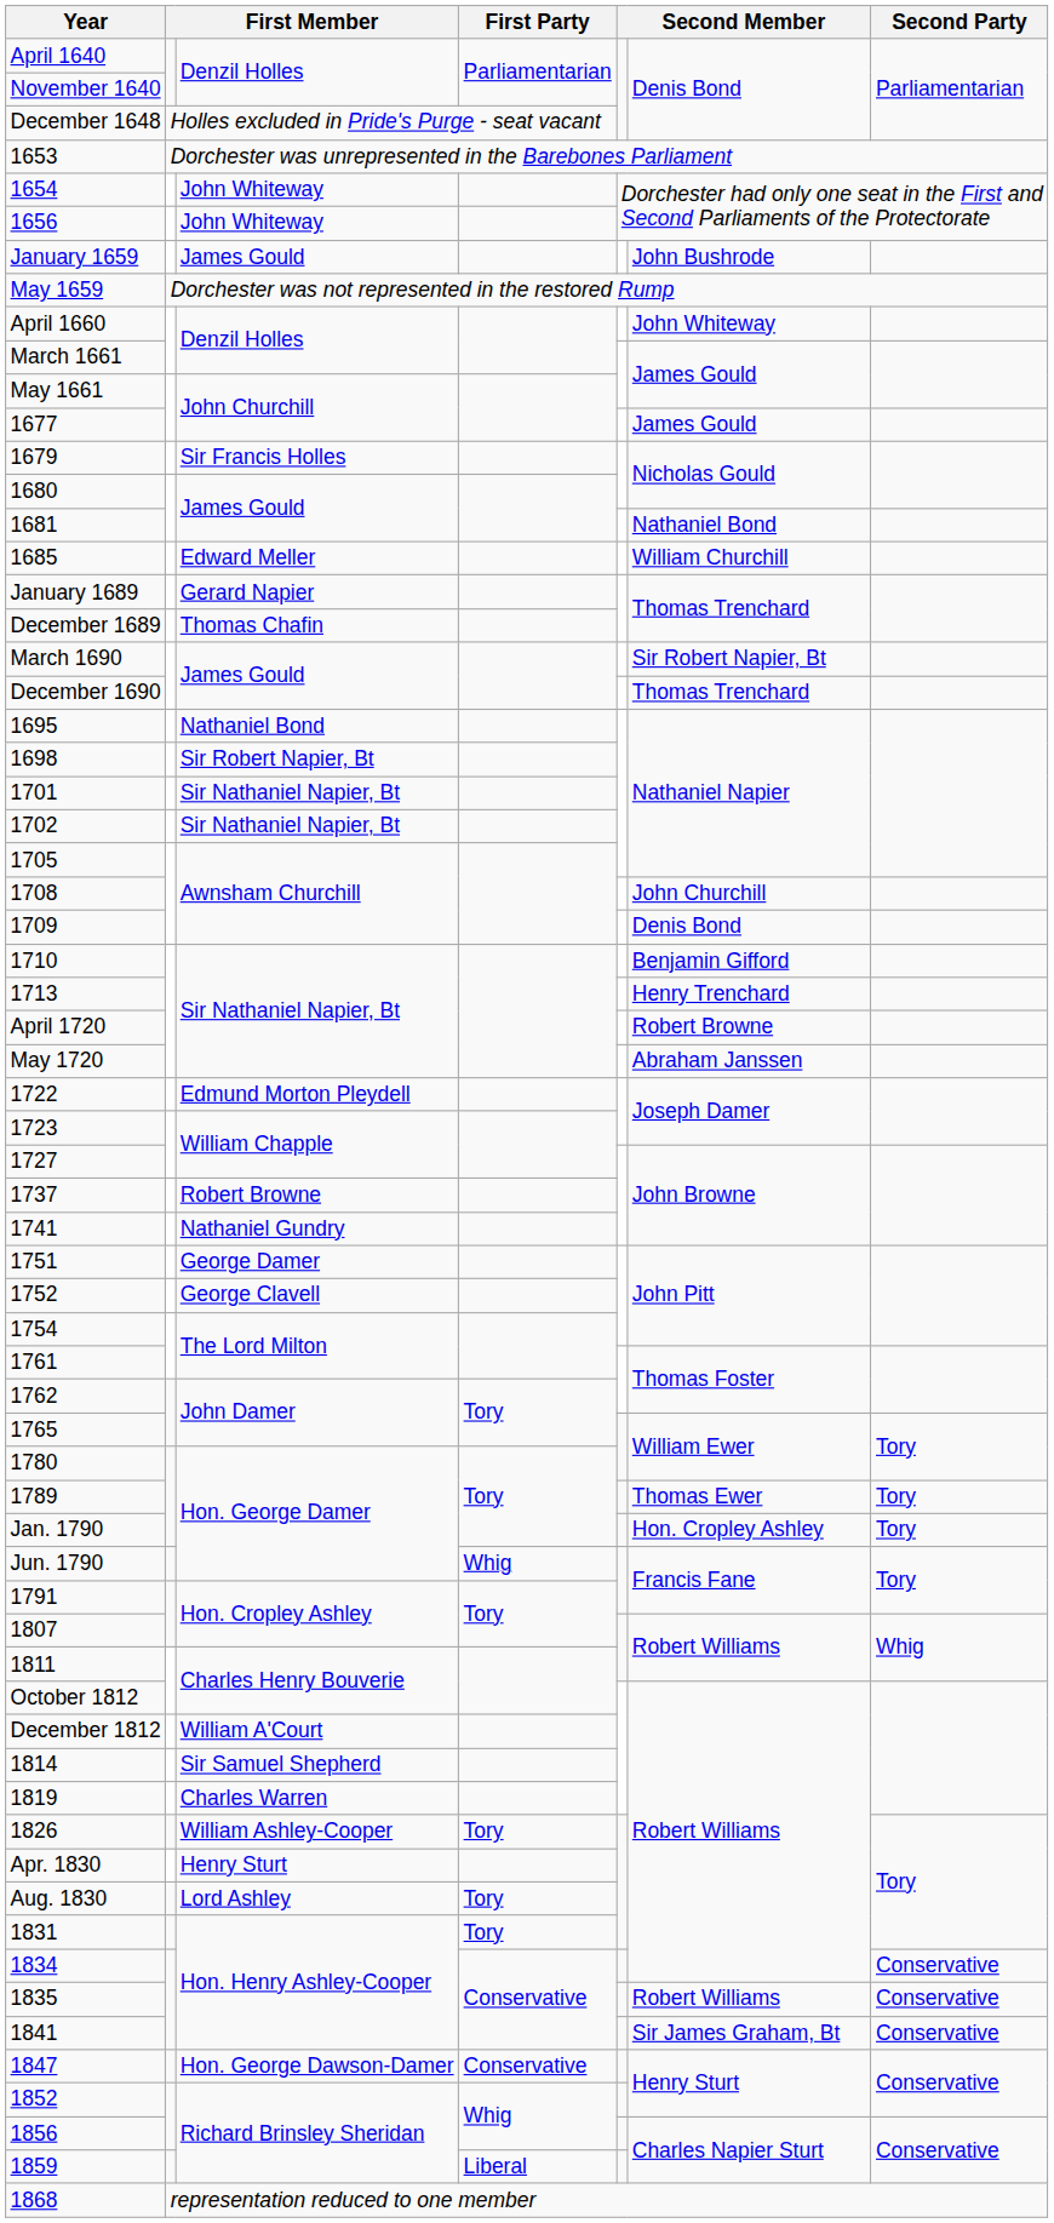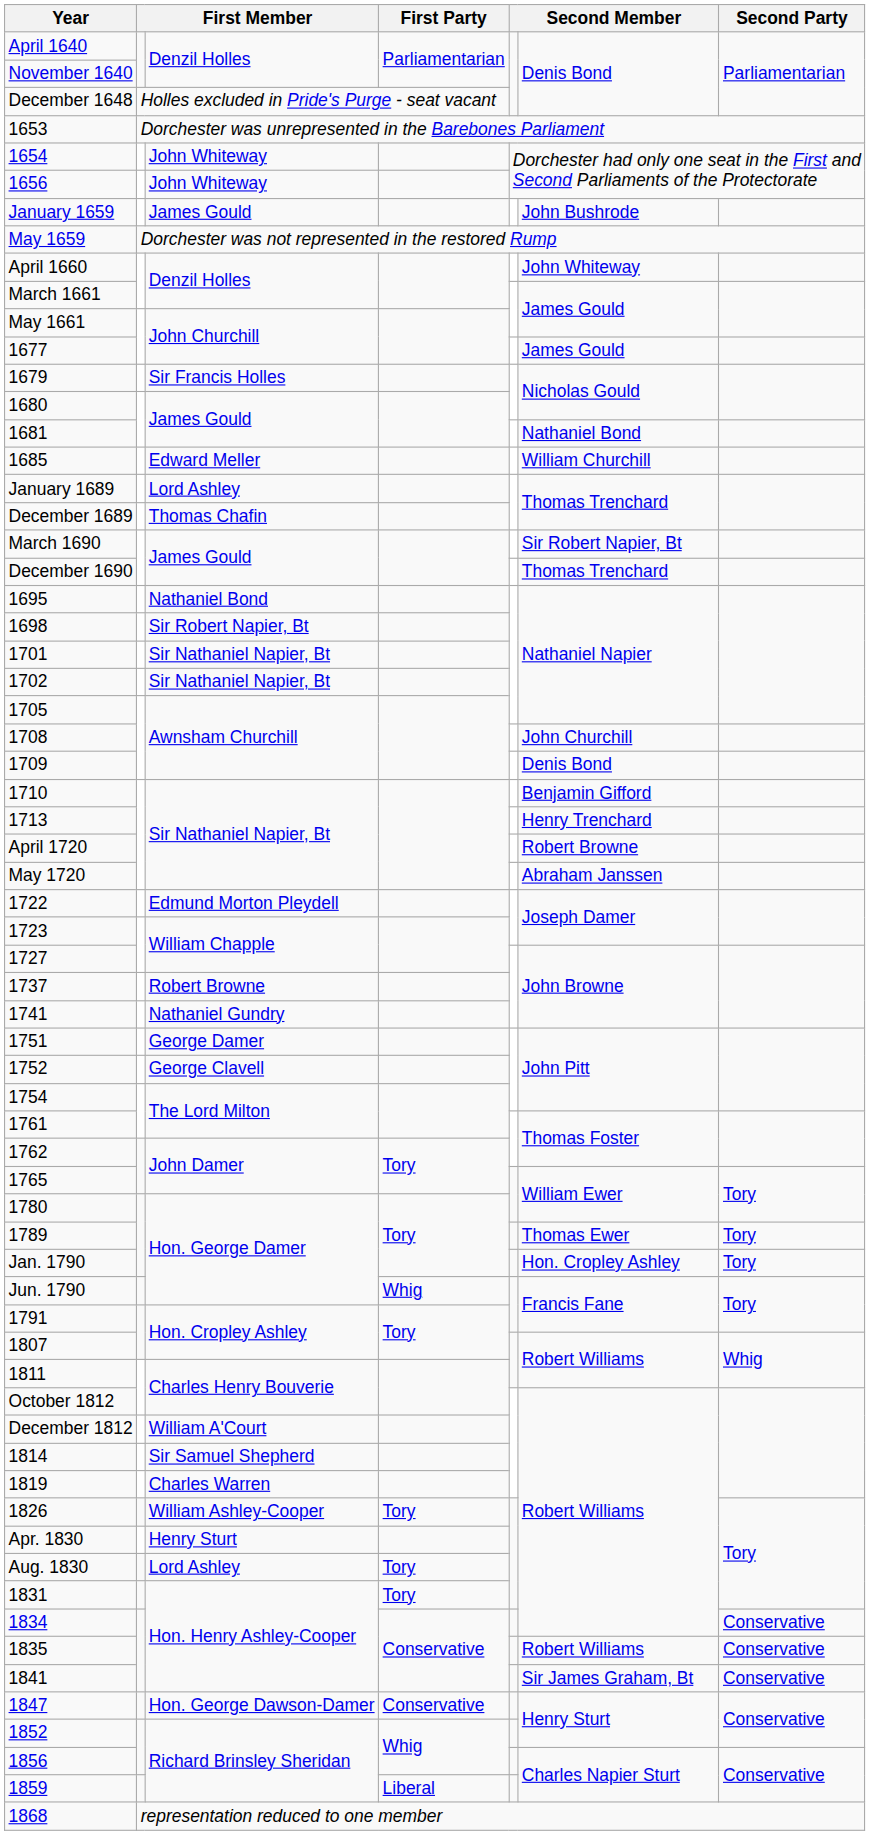 <table class="wikitable">
 <tr>
 <th>Year</th>
 <th colspan="2">First Member</th>
 <th>First Party</th>
 <th colspan="2">Second Member</th>
 <th>Second Party</th>
 </tr>
 <tr>
 <td><a href='#'>April 1640</a></td>
 <td rowspan="2" style="color:inherit;background-color: "></td>
 <td rowspan="2"><a href='#'>Denzil Holles</a></td>
 <td rowspan="2"><a href='#'>Parliamentarian</a></td>
 <td rowspan="3" style="color:inherit;background-color: "></td>
 <td rowspan="3"><a href='#'>Denis Bond</a></td>
 <td rowspan="3"><a href='#'>Parliamentarian</a></td>
 </tr>
 <tr>
 <td><a href='#'>November 1640</a></td>
 </tr>
 <tr>
 <td>December 1648</td>
 <td colspan="3"><em>Holles excluded in <a href='#'>Pride's Purge</a> - seat vacant</em></td>
 </tr>
 <tr>
 <td>1653</td>
 <td colspan="6"><em>Dorchester was unrepresented in the <a href='#'>Barebones Parliament</a></em></td>
 </tr>
 <tr>
 <td><a href='#'>1654</a></td>
 <td style="color:inherit;background-color: white"></td>
 <td><a href='#'>John Whiteway</a></td>
 <td></td>
 <td rowspan="2" colspan="3"><em>Dorchester had only one seat in the <a href='#'>First</a>  and <br><a href='#'>Second</a> Parliaments of the Protectorate</em></td>
 </tr>
 <tr>
 <td><a href='#'>1656</a></td>
 <td style="color:inherit;background-color: white"></td>
 <td><a href='#'>John Whiteway</a></td>
 <td></td>
 </tr>
 <tr>
 <td><a href='#'>January 1659</a></td>
 <td style="color:inherit;background-color: white"></td>
 <td><a href='#'>James Gould</a></td>
 <td></td>
 <td style="color:inherit;background-color: white"></td>
 <td><a href='#'>John Bushrode</a></td>
 <td></td>
 </tr>
 <tr>
 <td><a href='#'>May 1659</a></td>
 <td colspan="6"><em>Dorchester was not represented in the restored <a href='#'>Rump</a></em></td>
 </tr>
 <tr>
 <td>April 1660</td>
 <td rowspan="2" style="color:inherit;background-color: white"></td>
 <td rowspan="2"><a href='#'>Denzil Holles</a></td>
 <td rowspan="2"></td>
 <td style="color:inherit;background-color: white"></td>
 <td><a href='#'>John Whiteway</a></td>
 <td></td>
 </tr>
 <tr>
 <td>March 1661</td>
 <td rowspan="2" style="color:inherit;background-color: white"></td>
 <td rowspan="2"><a href='#'>James Gould</a></td>
 <td rowspan="2"></td>
 </tr>
 <tr>
 <td>May 1661</td>
 <td rowspan="2" style="color:inherit;background-color: white"></td>
 <td rowspan="2"><a href='#'>John Churchill</a></td>
 <td rowspan="2"></td>
 </tr>
 <tr>
 <td>1677</td>
 <td style="color:inherit;background-color: white"></td>
 <td><a href='#'>James Gould</a></td>
 <td></td>
 </tr>
 <tr>
 <td>1679</td>
 <td style="color:inherit;background-color: white"></td>
 <td><a href='#'>Sir Francis Holles</a></td>
 <td></td>
 <td rowspan="2" style="color:inherit;background-color: white"></td>
 <td rowspan="2"><a href='#'>Nicholas Gould</a></td>
 <td rowspan="2"></td>
 </tr>
 <tr>
 <td>1680</td>
 <td rowspan="2" style="color:inherit;background-color: white"></td>
 <td rowspan="2"><a href='#'>James Gould</a></td>
 <td rowspan="2"></td>
 </tr>
 <tr>
 <td>1681</td>
 <td style="color:inherit;background-color: white"></td>
 <td><a href='#'>Nathaniel Bond</a></td>
 <td></td>
 </tr>
 <tr>
 <td>1685</td>
 <td style="color:inherit;background-color: white"></td>
 <td><a href='#'>Edward Meller</a></td>
 <td></td>
 <td style="color:inherit;background-color: white"></td>
 <td><a href='#'>William Churchill</a></td>
 <td></td>
 </tr>
 <tr>
 <td>January 1689</td>
 <td style="color:inherit;background-color: white"></td>
-<td><a href='#'>Gerard Napier</a></td>
+<td><a href='#'>Lord Ashley</a></td>
 <td></td>
 <td rowspan="2" style="color:inherit;background-color: white"></td>
 <td rowspan="2"><a href='#'>Thomas Trenchard</a></td>
 <td rowspan="2"></td>
 </tr>
 <tr>
 <td>December 1689</td>
 <td style="color:inherit;background-color: white"></td>
 <td><a href='#'>Thomas Chafin</a></td>
 <td></td>
 </tr>
 <tr>
 <td>March 1690</td>
 <td rowspan="2" style="color:inherit;background-color: white"></td>
 <td rowspan="2"><a href='#'>James Gould</a></td>
 <td rowspan="2"></td>
 <td style="color:inherit;background-color: white"></td>
 <td><a href='#'>Sir Robert Napier, Bt</a></td>
 <td></td>
 </tr>
 <tr>
 <td>December 1690</td>
 <td style="color:inherit;background-color: white"></td>
 <td><a href='#'>Thomas Trenchard</a></td>
 <td></td>
 </tr>
 <tr>
 <td>1695</td>
 <td style="color:inherit;background-color: white"></td>
 <td><a href='#'>Nathaniel Bond</a></td>
 <td></td>
 <td rowspan="5" style="color:inherit;background-color: white"></td>
 <td rowspan="5"><a href='#'>Nathaniel Napier</a></td>
 <td rowspan="5"></td>
 </tr>
 <tr>
 <td>1698</td>
 <td style="color:inherit;background-color: white"></td>
 <td><a href='#'>Sir Robert Napier, Bt</a></td>
 <td></td>
 </tr>
 <tr>
 <td>1701</td>
 <td style="color:inherit;background-color: white"></td>
 <td><a href='#'>Sir Nathaniel Napier, Bt</a></td>
 <td></td>
 </tr>
 <tr>
 <td>1702</td>
 <td style="color:inherit;background-color: white"></td>
 <td><a href='#'>Sir Nathaniel Napier, Bt</a></td>
 <td></td>
 </tr>
 <tr>
 <td>1705</td>
 <td rowspan="3" style="color:inherit;background-color: white"></td>
 <td rowspan="3"><a href='#'>Awnsham Churchill</a></td>
 <td rowspan="3"></td>
 </tr>
 <tr>
 <td>1708</td>
 <td style="color:inherit;background-color: white"></td>
 <td><a href='#'>John Churchill</a></td>
 <td></td>
 </tr>
 <tr>
 <td>1709</td>
 <td style="color:inherit;background-color: white"></td>
 <td><a href='#'>Denis Bond</a></td>
 <td></td>
 </tr>
 <tr>
 <td>1710</td>
 <td rowspan="4" style="color:inherit;background-color: white"></td>
 <td rowspan="4"><a href='#'>Sir Nathaniel Napier, Bt</a></td>
 <td rowspan="4"></td>
 <td style="color:inherit;background-color: white"></td>
 <td><a href='#'>Benjamin Gifford</a></td>
 <td></td>
 </tr>
 <tr>
 <td>1713</td>
 <td style="color:inherit;background-color: white"></td>
 <td><a href='#'>Henry Trenchard</a></td>
 <td></td>
 </tr>
 <tr>
 <td>April 1720</td>
 <td style="color:inherit;background-color: white"></td>
 <td><a href='#'>Robert Browne</a></td>
 <td></td>
 </tr>
 <tr>
 <td>May 1720</td>
 <td style="color:inherit;background-color: white"></td>
 <td><a href='#'>Abraham Janssen</a></td>
 <td></td>
 </tr>
 <tr>
 <td>1722</td>
 <td style="color:inherit;background-color: white"></td>
 <td><a href='#'>Edmund Morton Pleydell</a></td>
 <td></td>
 <td rowspan="2" style="color:inherit;background-color: white"></td>
 <td rowspan="2"><a href='#'>Joseph Damer</a></td>
 <td rowspan="2"></td>
 </tr>
 <tr>
 <td>1723</td>
 <td rowspan="2" style="color:inherit;background-color: white"></td>
 <td rowspan="2"><a href='#'>William Chapple</a></td>
 <td rowspan="2"></td>
 </tr>
 <tr>
 <td>1727</td>
 <td rowspan="3" style="color:inherit;background-color: white"></td>
 <td rowspan="3"><a href='#'>John Browne</a></td>
 <td rowspan="3"></td>
 </tr>
 <tr>
 <td>1737</td>
 <td style="color:inherit;background-color: white"></td>
 <td><a href='#'>Robert Browne</a></td>
 <td></td>
 </tr>
 <tr>
 <td>1741</td>
 <td style="color:inherit;background-color: white"></td>
 <td><a href='#'>Nathaniel Gundry</a></td>
 <td></td>
 </tr>
 <tr>
 <td>1751</td>
 <td style="color:inherit;background-color: white"></td>
 <td><a href='#'>George Damer</a></td>
 <td></td>
 <td rowspan="3" style="color:inherit;background-color: white"></td>
 <td rowspan="3"><a href='#'>John Pitt</a></td>
 <td rowspan="3"></td>
 </tr>
 <tr>
 <td>1752</td>
 <td style="color:inherit;background-color: white"></td>
 <td><a href='#'>George Clavell</a></td>
 <td></td>
 </tr>
 <tr>
 <td>1754</td>
 <td rowspan="2" style="color:inherit;background-color: white"></td>
 <td rowspan="2"><a href='#'>The Lord Milton</a></td>
 <td rowspan="2"></td>
 </tr>
 <tr>
 <td>1761</td>
 <td rowspan="2" style="color:inherit;background-color: white"></td>
 <td rowspan="2"><a href='#'>Thomas Foster</a></td>
 <td rowspan="2"></td>
 </tr>
 <tr>
 <td>1762</td>
 <td rowspan="2" style="color:inherit;background-color: "></td>
 <td rowspan="2"><a href='#'>John Damer</a></td>
 <td rowspan="2"><a href='#'>Tory</a></td>
 </tr>
 <tr>
 <td>1765</td>
 <td rowspan="2" style="color:inherit;background-color: "></td>
 <td rowspan="2"><a href='#'>William Ewer</a></td>
 <td rowspan="2"><a href='#'>Tory</a></td>
 </tr>
 <tr>
 <td>1780</td>
 <td rowspan="3" style="color:inherit;background-color: "></td>
 <td rowspan="4"><a href='#'>Hon. George Damer</a></td>
 <td rowspan="3"><a href='#'>Tory</a></td>
 </tr>
 <tr>
 <td>1789</td>
 <td style="color:inherit;background-color: "></td>
 <td><a href='#'>Thomas Ewer</a></td>
 <td><a href='#'>Tory</a></td>
 </tr>
 <tr>
 <td>Jan. 1790</td>
 <td style="color:inherit;background-color: "></td>
 <td><a href='#'>Hon. Cropley Ashley</a></td>
 <td><a href='#'>Tory</a></td>
 </tr>
 <tr>
 <td>Jun. 1790</td>
 <td style="color:inherit;background-color: "></td>
 <td><a href='#'>Whig</a></td>
 <td rowspan="2" style="color:inherit;background-color: "></td>
 <td rowspan="2"><a href='#'>Francis Fane</a></td>
 <td rowspan="2"><a href='#'>Tory</a></td>
 </tr>
 <tr>
 <td>1791</td>
 <td rowspan="2" style="color:inherit;background-color: "></td>
 <td rowspan="2"><a href='#'>Hon. Cropley Ashley</a></td>
 <td rowspan="2"><a href='#'>Tory</a></td>
 </tr>
 <tr>
 <td>1807</td>
 <td rowspan="2" style="color:inherit;background-color: "></td>
 <td rowspan="2"><a href='#'>Robert Williams</a></td>
 <td rowspan="2"><a href='#'>Whig</a></td>
 </tr>
 <tr>
 <td>1811</td>
 <td rowspan="2" style="color:inherit;background-color: white"></td>
 <td rowspan="2"><a href='#'>Charles Henry Bouverie</a></td>
 <td rowspan="2"></td>
 </tr>
 <tr>
 <td>October 1812</td>
 <td rowspan="4" style="color:inherit;background-color: white"></td>
 <td rowspan="9"><a href='#'>Robert Williams</a></td>
 <td rowspan="4"></td>
 </tr>
 <tr>
 <td>December 1812</td>
 <td style="color:inherit;background-color: white"></td>
 <td><a href='#'>William A'Court</a></td>
 <td></td>
 </tr>
 <tr>
 <td>1814</td>
 <td style="color:inherit;background-color: white"></td>
 <td><a href='#'>Sir Samuel Shepherd</a></td>
 <td></td>
 </tr>
 <tr>
 <td>1819</td>
 <td style="color:inherit;background-color: white"></td>
 <td><a href='#'>Charles Warren</a></td>
 <td></td>
 </tr>
 <tr>
 <td>1826</td>
 <td style="color:inherit;background-color: "></td>
 <td><a href='#'>William Ashley-Cooper</a></td>
 <td><a href='#'>Tory</a></td>
 <td rowspan="4" style="color:inherit;background-color: "></td>
 <td rowspan="4"><a href='#'>Tory</a></td>
 </tr>
 <tr>
 <td>Apr. 1830</td>
 <td style="color:inherit;background-color: white"></td>
 <td><a href='#'>Henry Sturt</a></td>
 <td></td>
 </tr>
 <tr>
 <td>Aug. 1830</td>
 <td style="color:inherit;background-color: "></td>
 <td><a href='#'>Lord Ashley</a></td>
 <td><a href='#'>Tory</a></td>
 </tr>
 <tr>
 <td>1831</td>
 <td style="color:inherit;background-color: "></td>
 <td rowspan="4"><a href='#'>Hon. Henry Ashley-Cooper</a></td>
 <td><a href='#'>Tory</a></td>
 </tr>
 <tr>
 <td><a href='#'>1834</a></td>
 <td rowspan="3" style="color:inherit;background-color: "></td>
 <td rowspan="3"><a href='#'>Conservative</a></td>
 <td style="color:inherit;background-color: "></td>
 <td><a href='#'>Conservative</a></td>
 </tr>
 <tr>
 <td>1835</td>
 <td style="color:inherit;background-color: "></td>
 <td><a href='#'>Robert Williams</a></td>
 <td><a href='#'>Conservative</a></td>
 </tr>
 <tr>
 <td>1841</td>
 <td style="color:inherit;background-color: "></td>
 <td><a href='#'>Sir James Graham, Bt</a></td>
 <td><a href='#'>Conservative</a></td>
 </tr>
 <tr>
 <td><a href='#'>1847</a></td>
 <td style="color:inherit;background-color: "></td>
 <td rowspan=""><a href='#'>Hon. George Dawson-Damer</a></td>
 <td rowspan=""><a href='#'>Conservative</a></td>
 <td style="color:inherit;background-color: "></td>
 <td rowspan="2"><a href='#'>Henry Sturt</a></td>
 <td rowspan="2"><a href='#'>Conservative</a></td>
 </tr>
 <tr>
 <td><a href='#'>1852</a></td>
 <td rowspan="2" style="color:inherit;background-color: "></td>
 <td rowspan="3"><a href='#'>Richard Brinsley Sheridan</a></td>
 <td rowspan="2"><a href='#'>Whig</a></td>
 </tr>
 <tr>
 <td><a href='#'>1856</a></td>
 <td style="color:inherit;background-color: "></td>
 <td rowspan="2"><a href='#'>Charles Napier Sturt</a></td>
 <td rowspan="2"><a href='#'>Conservative</a></td>
 </tr>
 <tr>
 <td><a href='#'>1859</a></td>
 <td style="color:inherit;background-color: "></td>
 <td><a href='#'>Liberal</a></td>
 </tr>
 <tr>
 <td><a href='#'>1868</a></td>
 <td colspan="6"><em>representation reduced to one member</em></td>
 </tr>
 </table>
